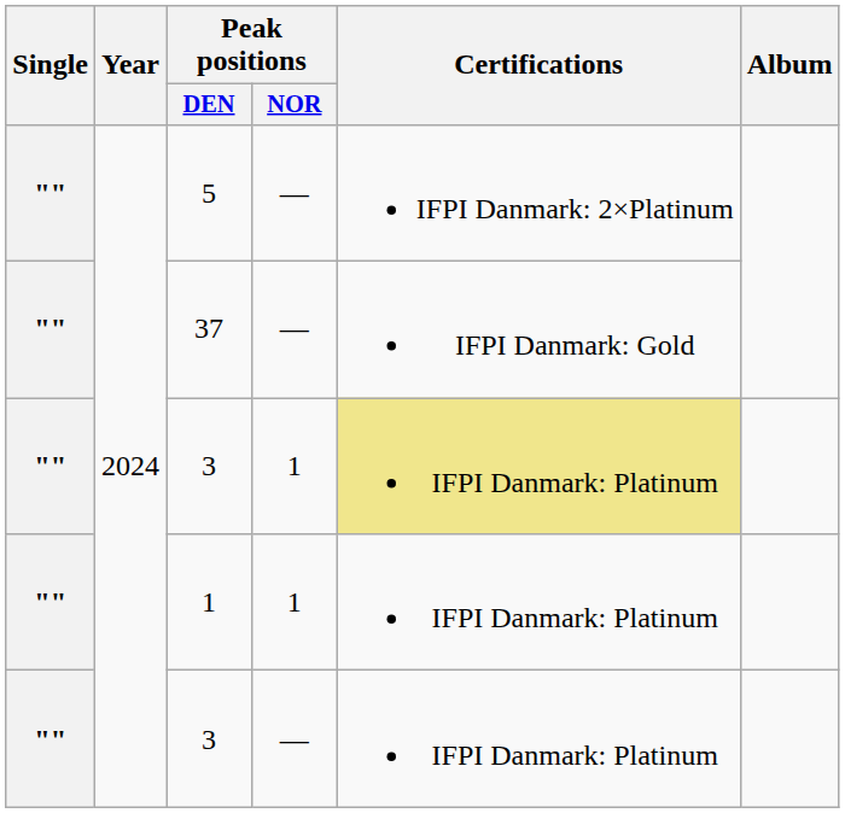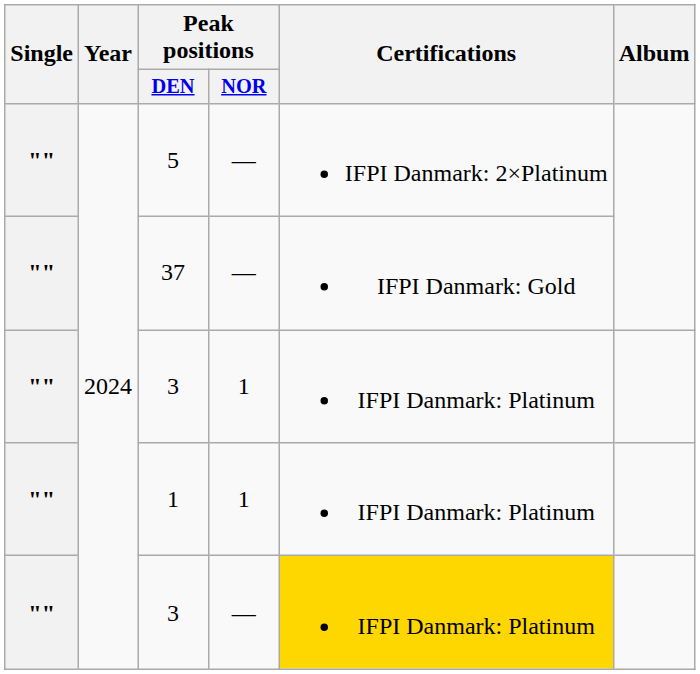 <table class="wikitable plainrowheaders" style="text-align:center">
 <tr>
 <th scope="col" rowspan="2">Single</th>
 <th scope="col" rowspan="2">Year</th>
 <th scope="col" colspan="2">Peak positions</th>
 <th scope="col" rowspan="2">Certifications</th>
 <th scope="col" rowspan="2">Album</th>
 </tr>
 <tr>
 <th scope="col" style="width:3em;font-size:85%;"><a href='#'>DEN</a><br></th>
 <th scope="col" style="width:3em;font-size:85%;"><a href='#'>NOR</a><br></th>
 </tr>
 <tr>
 <th scope="row">""</th>
 <td rowspan="5">2024</td>
 <td>5</td>
 <td>—</td>
 <td><br><ul><li>IFPI Danmark: 2×Platinum</li></ul></td>
 <td rowspan="2"></td>
 </tr>
 <tr>
 <th scope="row">""</th>
 <td>37</td>
 <td>—</td>
 <td><br><ul><li>IFPI Danmark: Gold</li></ul></td>
 </tr>
 <tr>
 <th scope="row">""</th>
 <td>3</td>
 <td>1</td>
-<td style="background: khaki;"><br><ul><li>IFPI Danmark: Platinum</li></ul></td>
+<td><br><ul><li>IFPI Danmark: Platinum</li></ul></td>
 <td></td>
 </tr>
 <tr>
 <th scope="row">""<br></th>
 <td>1</td>
 <td>1</td>
 <td><br><ul><li>IFPI Danmark: Platinum</li></ul></td>
 <td></td>
 </tr>
 <tr>
 <th scope="row">""</th>
 <td>3</td>
 <td>—</td>
-<td><br><ul><li>IFPI Danmark: Platinum</li></ul></td>
+<td style="background: gold;"><br><ul><li>IFPI Danmark: Platinum</li></ul></td>
 <td></td>
 </tr>
 </table>
